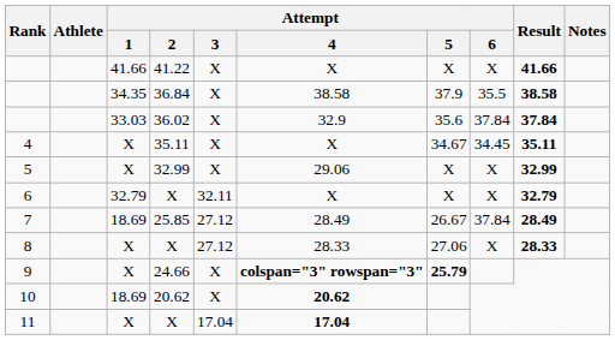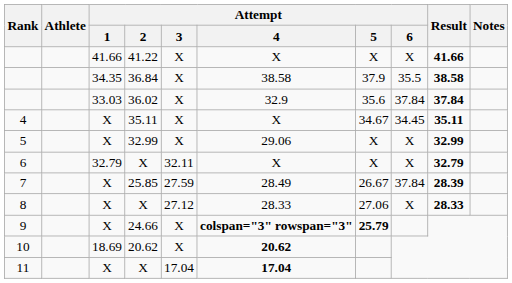 <table class='wikitable'>
 <tr>
 <th rowspan=2>Rank</th>
 <th rowspan=2>Athlete</th>
 <th colspan=6>Attempt</th>
 <th rowspan=2>Result</th>
 <th rowspan=2>Notes</th>
 </tr>
 <tr>
 <th>1</th>
 <th>2</th>
 <th>3</th>
 <th>4</th>
 <th>5</th>
 <th>6</th>
 </tr>
 <tr align=center>
 <td></td>
 <td align=left></td>
 <td>41.66</td>
 <td>41.22</td>
 <td>X</td>
 <td>X</td>
 <td>X</td>
 <td>X</td>
 <td><strong>41.66</strong></td>
 <td></td>
 </tr>
 <tr align=center>
 <td></td>
 <td align=left></td>
 <td>34.35</td>
 <td>36.84</td>
 <td>X</td>
 <td>38.58</td>
 <td>37.9</td>
 <td>35.5</td>
 <td><strong>38.58</strong></td>
 <td></td>
 </tr>
 <tr align=center>
 <td></td>
 <td align=left></td>
 <td>33.03</td>
 <td>36.02</td>
 <td>X</td>
 <td>32.9</td>
 <td>35.6</td>
 <td>37.84</td>
 <td><strong>37.84</strong></td>
 <td></td>
 </tr>
 <tr align=center>
 <td>4</td>
 <td align=left></td>
 <td>X</td>
 <td>35.11</td>
 <td>X</td>
 <td>X</td>
 <td>34.67</td>
 <td>34.45</td>
 <td><strong>35.11</strong></td>
 <td></td>
 </tr>
 <tr align=center>
 <td>5</td>
 <td align=left></td>
 <td>X</td>
 <td>32.99</td>
 <td>X</td>
 <td>29.06</td>
 <td>X</td>
 <td>X</td>
 <td><strong>32.99</strong></td>
 <td></td>
 </tr>
 <tr align=center>
 <td>6</td>
 <td align=left></td>
 <td>32.79</td>
 <td>X</td>
 <td>32.11</td>
 <td>X</td>
 <td>X</td>
 <td>X</td>
 <td><strong>32.79</strong></td>
 <td></td>
 </tr>
 <tr align=center>
 <td>7</td>
 <td align=left></td>
-<td>18.69</td>
+<td>X</td>
 <td>25.85</td>
-<td>27.12</td>
+<td>27.59</td>
 <td>28.49</td>
 <td>26.67</td>
 <td>37.84</td>
-<td><strong>28.49</strong></td>
+<td><strong>28.39</strong></td>
 <td></td>
 </tr>
 <tr align=center>
 <td>8</td>
 <td align=left></td>
 <td>X</td>
 <td>X</td>
 <td>27.12</td>
 <td>28.33</td>
 <td>27.06</td>
 <td>X</td>
 <td><strong>28.33</strong></td>
 <td></td>
 </tr>
 <tr align=center>
 <td>9</td>
 <td align=left></td>
 <td>X</td>
 <td>24.66</td>
 <td>X</td>
 <td><strong>colspan="3" rowspan="3" </strong></td>
 <td><strong>25.79</strong></td>
 <td></td>
 </tr>
 <tr align=center>
 <td>10</td>
 <td align=left></td>
 <td>18.69</td>
 <td>20.62</td>
 <td>X</td>
 <td><strong>20.62</strong></td>
 <td></td>
 </tr>
 <tr align=center>
 <td>11</td>
 <td align=left></td>
 <td>X</td>
 <td>X</td>
 <td>17.04</td>
 <td><strong>17.04</strong></td>
 <td></td>
 </tr>
 </table>
